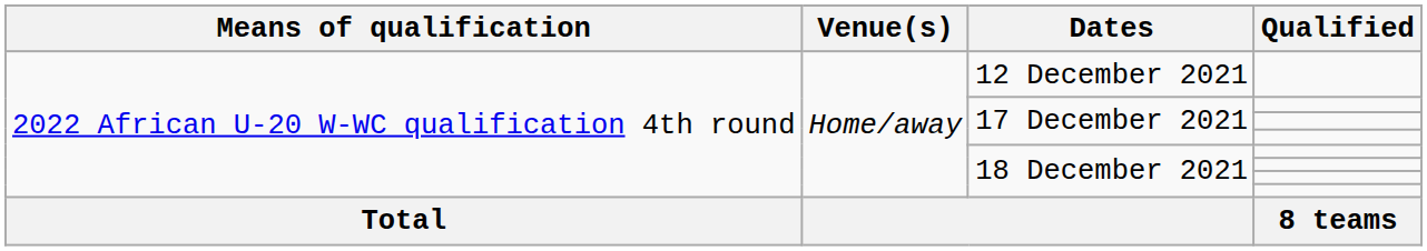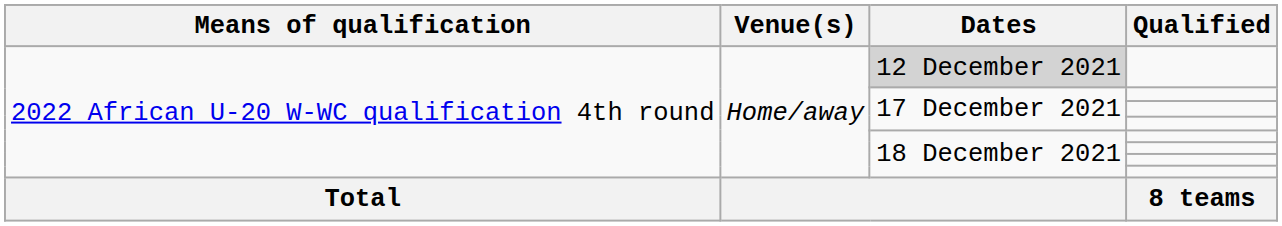 <table class="wikitable">
 <tr>
 <th>Means of qualification</th>
 <th>Venue(s)</th>
 <th>Dates</th>
 <th>Qualified</th>
 </tr>
 <tr>
 <td rowspan=8><a href='#'>2022 African U-20 W-WC qualification</a> 4th round</td>
 <td rowspan=8><em>Home/away</em></td>
-<td>12 December 2021</td>
+<td style="background: lightgrey;">12 December 2021</td>
 <td></td>
 </tr>
 <tr>
 <td rowspan=3>17 December 2021</td>
 <td></td>
 </tr>
 <tr>
 <td></td>
 </tr>
 <tr>
 <td></td>
 </tr>
 <tr>
 <td rowspan=4>18 December 2021</td>
 <td><s></s></td>
 </tr>
 <tr>
 <td></td>
 </tr>
 <tr>
 <td></td>
 </tr>
 <tr>
 <td></td>
 </tr>
 <tr>
 <th>Total</th>
 <th colspan=2></th>
 <th>8 teams</th>
 </tr>
 </table>
